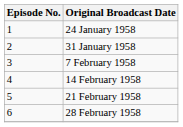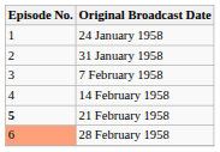 <table class="wikitable">
 <tr>
 <th>Episode No.</th>
 <th>Original Broadcast Date</th>
 </tr>
 <tr>
 <td>1</td>
 <td>24 January 1958</td>
 </tr>
 <tr>
 <td>2</td>
 <td>31 January 1958</td>
 </tr>
 <tr>
 <td>3</td>
 <td>7 February 1958</td>
 </tr>
 <tr>
 <td>4</td>
 <td>14 February 1958</td>
 </tr>
 <tr>
-<td>5</td>
+<td><strong>5</strong></td>
 <td>21 February 1958</td>
 </tr>
 <tr>
-<td>6</td>
+<td style="background: lightsalmon;">6</td>
 <td>28 February 1958</td>
 </tr>
 <tr>
 </tr>
 </table>
